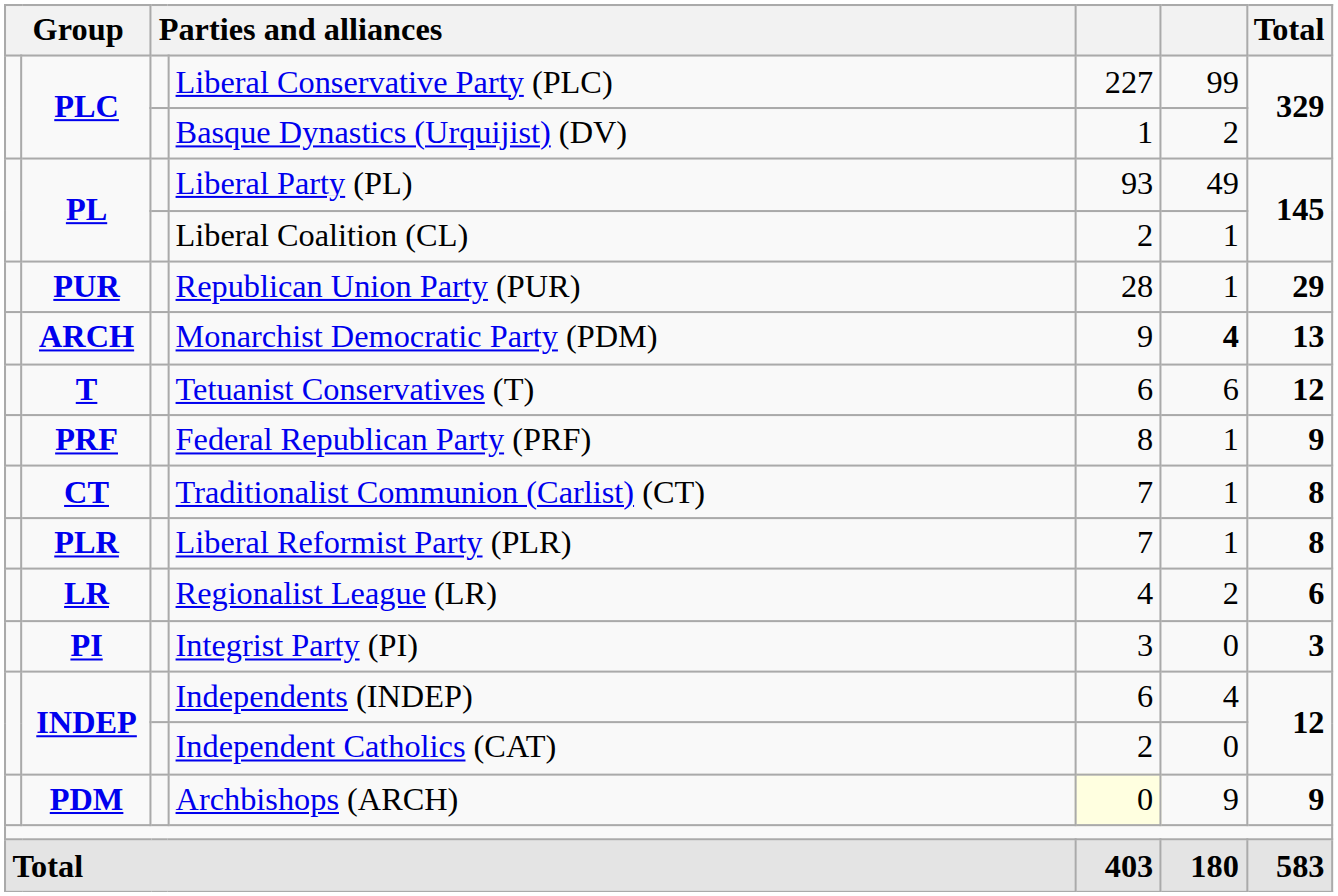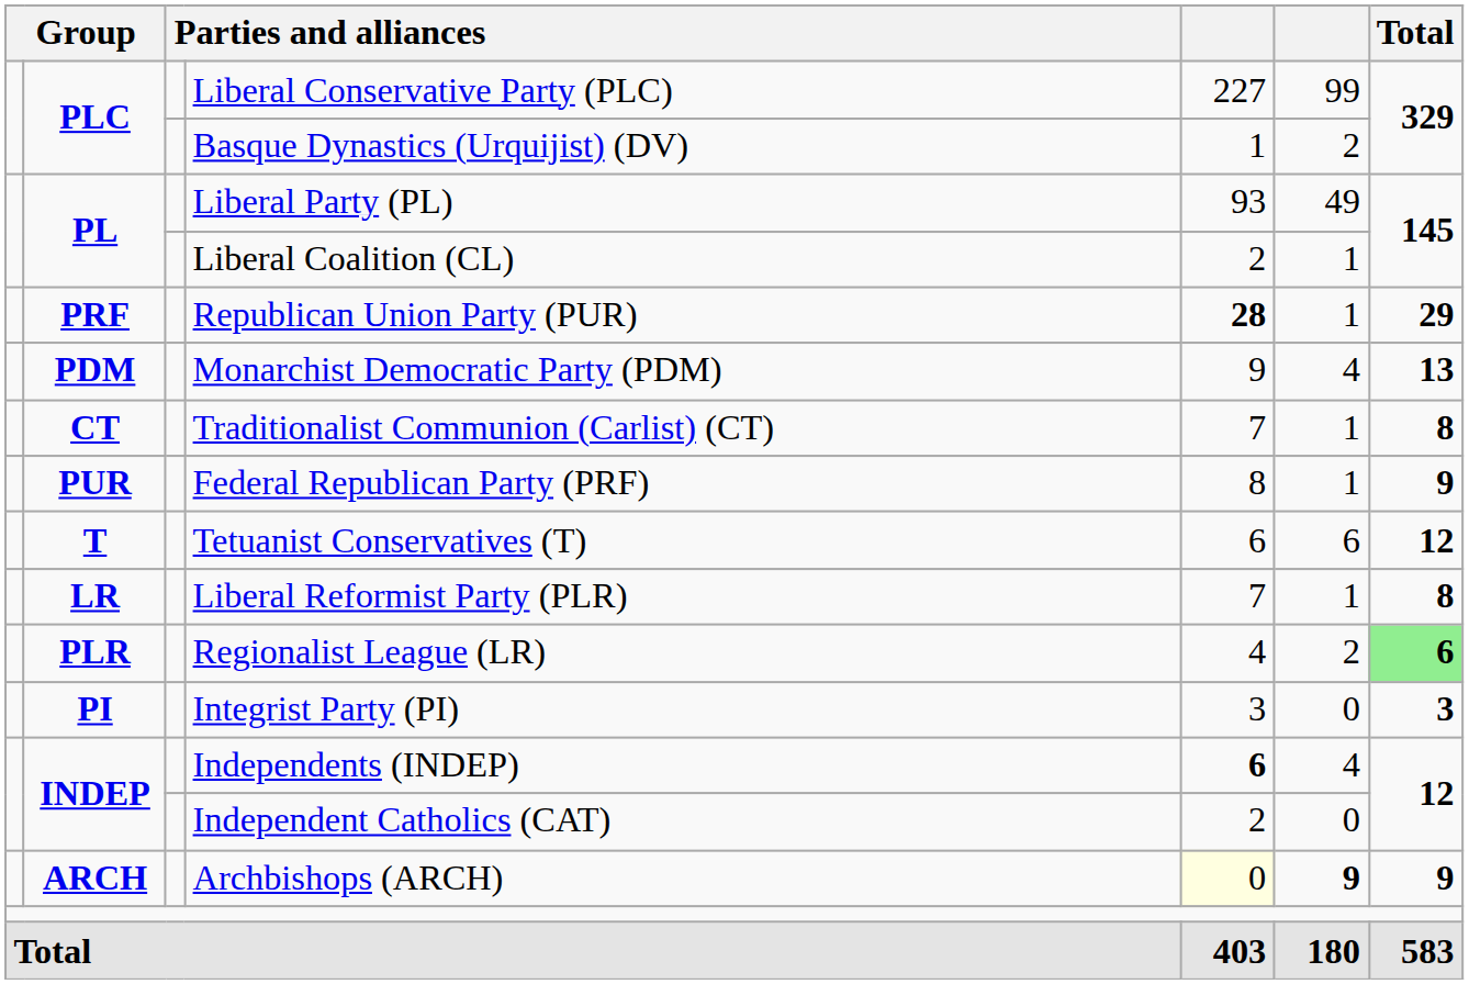 <table class="wikitable" style="text-align:right;">
 <tr>
 <th colspan="2" width="65">Group</th>
 <th style="text-align:left;" colspan="2" width="450">Parties and alliances</th>
 <th width="35"></th>
 <th width="35"></th>
 <th width="35">Total</th>
 </tr>
 <tr>
 <td rowspan="2" width="1"></td>
 <td rowspan="2" align="center"><strong><a href='#'>PLC</a></strong></td>
 <td width="1" style="color:inherit;background:"></td>
 <td align="left"><a href='#'>Liberal Conservative Party</a> (PLC)</td>
 <td>227</td>
 <td>99</td>
 <td rowspan="2"><strong>329</strong></td>
 </tr>
 <tr>
 <td style="color:inherit;background:"></td>
 <td align="left"><a href='#'>Basque Dynastics (Urquijist)</a> (DV)</td>
 <td>1</td>
 <td>2</td>
 </tr>
 <tr>
 <td rowspan="2" style="color:inherit;background:"></td>
 <td rowspan="2" align="center"><strong><a href='#'>PL</a></strong></td>
 <td style="color:inherit;background:"></td>
 <td align="left"><a href='#'>Liberal Party</a> (PL)</td>
 <td>93</td>
 <td>49</td>
 <td rowspan="2"><strong>145</strong></td>
 </tr>
 <tr>
 <td style="color:inherit;background:"></td>
 <td align="left">Liberal Coalition (CL)</td>
 <td>2</td>
 <td>1</td>
 </tr>
 <tr>
 <td style="color:inherit;background:"></td>
-<td align="center"><strong><a href='#'>PUR</a></strong></td>
+<td align="center"><strong><a href='#'>PRF</a></strong></td>
 <td style="color:inherit;background:"></td>
 <td align="left"><a href='#'>Republican Union Party</a> (PUR)</td>
-<td>28</td>
+<td><strong>28</strong></td>
 <td>1</td>
 <td><strong>29</strong></td>
 </tr>
 <tr>
 <td style="color:inherit;background:"></td>
-<td align="center"><strong><a href='#'>ARCH</a></strong></td>
+<td align="center"><strong><a href='#'>PDM</a></strong></td>
 <td style="color:inherit;background:"></td>
 <td align="left"><a href='#'>Monarchist Democratic Party</a> (PDM)</td>
 <td>9</td>
-<td><strong>4</strong></td>
+<td>4</td>
 <td><strong>13</strong></td>
+</tr>
+<tr>
+<td style="color:inherit;background:"></td>
+<td align="center"><strong><a href='#'>CT</a></strong></td>
+<td style="color:inherit;background:"></td>
+<td align="left"><a href='#'>Traditionalist Communion (Carlist)</a> (CT)</td>
+<td>7</td>
+<td>1</td>
+<td><strong>8</strong></td>
+</tr>
+<tr>
+<td style="color:inherit;background:"></td>
+<td align="center"><strong><a href='#'>PUR</a></strong></td>
+<td style="color:inherit;background:"></td>
+<td align="left"><a href='#'>Federal Republican Party</a> (PRF)</td>
+<td>8</td>
+<td>1</td>
+<td><strong>9</strong></td>
 </tr>
 <tr>
 <td style="color:inherit;background:"></td>
 <td align="center"><strong><a href='#'>T</a></strong></td>
 <td style="color:inherit;background:"></td>
 <td align="left"><a href='#'>Tetuanist Conservatives</a> (T)</td>
 <td>6</td>
 <td>6</td>
 <td><strong>12</strong></td>
 </tr>
 <tr>
 <td style="color:inherit;background:"></td>
-<td align="center"><strong><a href='#'>PRF</a></strong></td>
+<td align="center"><strong><a href='#'>LR</a></strong></td>
 <td style="color:inherit;background:"></td>
-<td align="left"><a href='#'>Federal Republican Party</a> (PRF)</td>
-<td>8</td>
-<td>1</td>
-<td><strong>9</strong></td>
-</tr>
-<tr>
-<td style="color:inherit;background:"></td>
-<td align="center"><strong><a href='#'>CT</a></strong></td>
-<td style="color:inherit;background:"></td>
-<td align="left"><a href='#'>Traditionalist Communion (Carlist)</a> (CT)</td>
+<td align="left"><a href='#'>Liberal Reformist Party</a> (PLR)</td>
 <td>7</td>
 <td>1</td>
 <td><strong>8</strong></td>
 </tr>
 <tr>
 <td style="color:inherit;background:"></td>
 <td align="center"><strong><a href='#'>PLR</a></strong></td>
 <td style="color:inherit;background:"></td>
-<td align="left"><a href='#'>Liberal Reformist Party</a> (PLR)</td>
-<td>7</td>
-<td>1</td>
-<td><strong>8</strong></td>
-</tr>
-<tr>
-<td style="color:inherit;background:"></td>
-<td align="center"><strong><a href='#'>LR</a></strong></td>
-<td style="color:inherit;background:"></td>
 <td align="left"><a href='#'>Regionalist League</a> (LR)</td>
 <td>4</td>
 <td>2</td>
-<td><strong>6</strong></td>
+<td style="background: lightgreen;"><strong>6</strong></td>
 </tr>
 <tr>
 <td style="color:inherit;background:"></td>
 <td align="center"><strong><a href='#'>PI</a></strong></td>
 <td style="color:inherit;background:"></td>
 <td align="left"><a href='#'>Integrist Party</a> (PI)</td>
 <td>3</td>
 <td>0</td>
 <td><strong>3</strong></td>
 </tr>
 <tr>
 <td rowspan="2" style="color:inherit;background:"></td>
 <td rowspan="2" align="center"><strong><a href='#'>INDEP</a></strong></td>
 <td style="color:inherit;background:"></td>
 <td align="left"><a href='#'>Independents</a> (INDEP)</td>
-<td>6</td>
+<td><strong>6</strong></td>
 <td>4</td>
 <td rowspan="2"><strong>12</strong></td>
 </tr>
 <tr>
 <td style="color:inherit;background:"></td>
 <td align="left"><a href='#'>Independent Catholics</a> (CAT)</td>
 <td>2</td>
 <td>0</td>
 </tr>
 <tr>
 <td style="color:inherit;background:"></td>
-<td align="center"><strong><a href='#'>PDM</a></strong></td>
+<td align="center"><strong><a href='#'>ARCH</a></strong></td>
 <td style="color:inherit;background:"></td>
 <td align="left"><a href='#'>Archbishops</a> (ARCH)</td>
 <td style="background: lightyellow;">0</td>
-<td>9</td>
+<td><strong>9</strong></td>
 <td><strong>9</strong></td>
 </tr>
 <tr>
 <td colspan="7"></td>
 </tr>
 <tr style="background:#E4E4E4; font-weight:bold;">
 <td align="left" colspan="4">Total</td>
 <td>403</td>
 <td>180</td>
 <td>583</td>
 </tr>
 </table>
